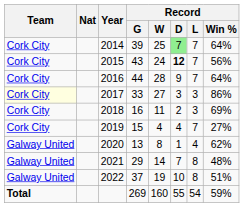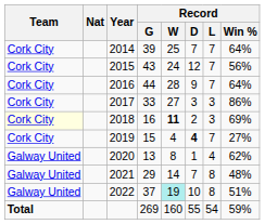 <table class="wikitable" style="text-align: center">
 <tr>
 <th rowspan="2">Team</th>
 <th rowspan="2">Nat</th>
 <th rowspan="2">Year</th>
 <th colspan="5">Record</th>
 </tr>
 <tr>
 <th>G</th>
 <th>W</th>
 <th>D</th>
 <th>L</th>
 <th>Win %</th>
 </tr>
 <tr>
 <td align=left><a href='#'>Cork City</a></td>
 <td></td>
 <td align=left>2014</td>
 <td>39</td>
 <td>25</td>
-<td style="background: lightgreen;">7</td>
+<td>7</td>
 <td>7</td>
 <td>64%</td>
 </tr>
 <tr>
 <td align=left><a href='#'>Cork City</a></td>
 <td></td>
 <td align=left>2015</td>
 <td>43</td>
 <td>24</td>
-<td><strong>12</strong></td>
+<td>12</td>
 <td>7</td>
 <td>56%</td>
 </tr>
 <tr>
 <td align=left><a href='#'>Cork City</a></td>
 <td></td>
 <td align=left>2016</td>
 <td>44</td>
 <td>28</td>
 <td>9</td>
 <td>7</td>
 <td>64%</td>
 </tr>
 <tr>
-<td align=left style="background: lightyellow;"><a href='#'>Cork City</a></td>
+<td align=left><a href='#'>Cork City</a></td>
 <td></td>
 <td align=left>2017</td>
 <td>33</td>
 <td>27</td>
 <td>3</td>
 <td>3</td>
 <td>86%</td>
 </tr>
 <tr>
-<td align=left><a href='#'>Cork City</a></td>
+<td align=left style="background: lightyellow;"><a href='#'>Cork City</a></td>
 <td></td>
 <td align=left>2018</td>
 <td>16</td>
-<td>11</td>
+<td><strong>11</strong></td>
 <td>2</td>
 <td>3</td>
 <td>69%</td>
 </tr>
 <tr>
 <td align=left><a href='#'>Cork City</a></td>
 <td></td>
 <td align=left>2019</td>
 <td>15</td>
 <td>4</td>
-<td>4</td>
+<td><strong>4</strong></td>
 <td>7</td>
 <td>27%</td>
 </tr>
 <tr>
 <td align=left><a href='#'>Galway United</a></td>
 <td></td>
 <td align=left>2020</td>
 <td>13</td>
 <td>8</td>
 <td>1</td>
 <td>4</td>
 <td>62%</td>
 </tr>
 <tr>
 <td align=left><a href='#'>Galway United</a></td>
 <td></td>
 <td align=left>2021</td>
 <td>29</td>
 <td>14</td>
 <td>7</td>
 <td>8</td>
 <td>48%</td>
 </tr>
 <tr>
 <td align=left><a href='#'>Galway United</a></td>
 <td></td>
 <td align=left>2022</td>
 <td>37</td>
-<td>19</td>
+<td style="background: paleturquoise;">19</td>
 <td>10</td>
 <td>8</td>
 <td>51%</td>
 </tr>
 <tr>
 <td align="left"><strong>Total</strong></td>
 <td></td>
 <td></td>
 <td>269</td>
 <td>160</td>
 <td>55</td>
 <td>54</td>
 <td>59%</td>
 </tr>
 </table>
